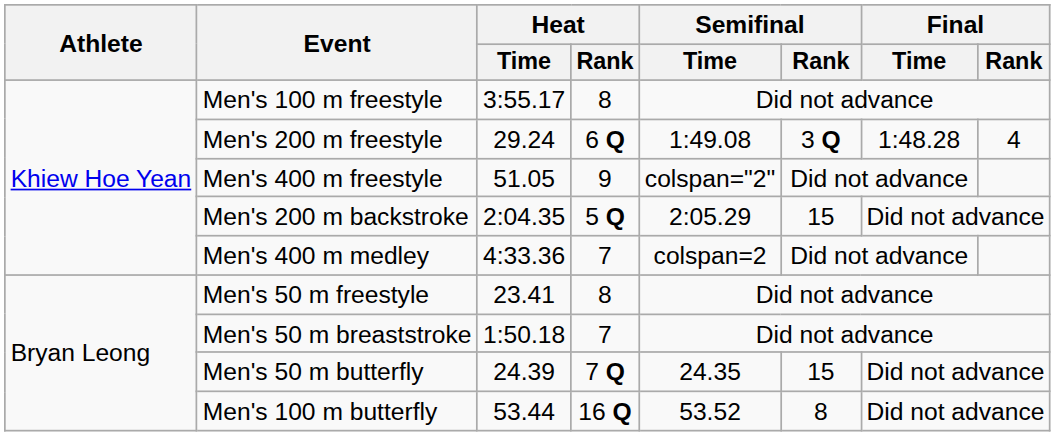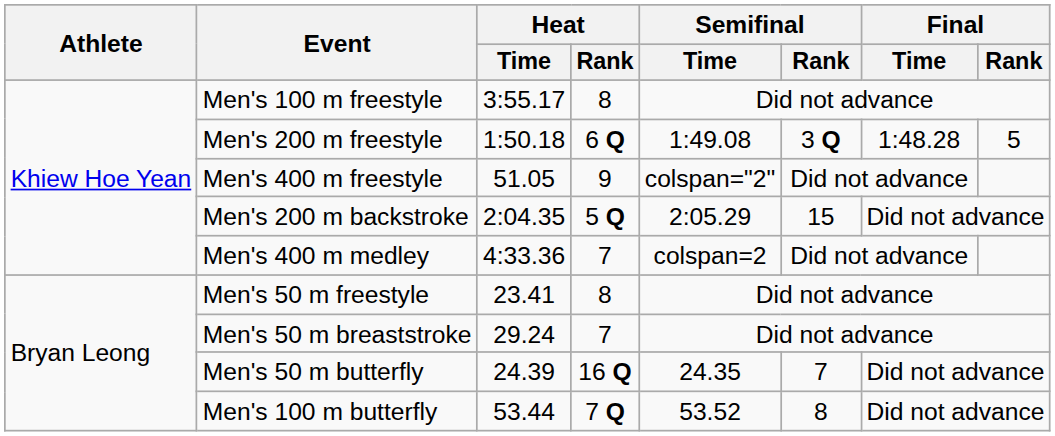 <table class=wikitable style=font-size:90%;text-align:center>
 <tr>
 <th rowspan=2>Athlete</th>
 <th rowspan=2>Event</th>
 <th colspan=2>Heat</th>
 <th colspan=2>Semifinal</th>
 <th colspan=2>Final</th>
 </tr>
 <tr style=font-size:95%>
 <th>Time</th>
 <th>Rank</th>
 <th>Time</th>
 <th>Rank</th>
 <th>Time</th>
 <th>Rank</th>
 </tr>
 <tr>
 <td align=left rowspan=5><a href='#'>Khiew Hoe Yean</a></td>
 <td align=left>Men's 100 m freestyle</td>
 <td>3:55.17</td>
 <td>8</td>
 <td colspan="4">Did not advance</td>
 </tr>
 <tr>
 <td align=left>Men's 200 m freestyle</td>
-<td>29.24</td>
+<td>1:50.18</td>
 <td>6 <strong>Q</strong></td>
 <td>1:49.08</td>
 <td>3 <strong>Q</strong></td>
 <td>1:48.28</td>
-<td>4</td>
+<td>5</td>
 </tr>
 <tr>
 <td align=left>Men's 400 m freestyle</td>
 <td>51.05</td>
 <td>9</td>
 <td>colspan="2" </td>
 <td colspan="2">Did not advance</td>
 </tr>
 <tr>
 <td align=left>Men's 200 m backstroke</td>
 <td>2:04.35</td>
 <td>5 <strong>Q</strong></td>
 <td>2:05.29</td>
 <td>15</td>
 <td colspan="2">Did not advance</td>
 </tr>
 <tr>
 <td align=left>Men's 400 m medley</td>
 <td>4:33.36</td>
 <td>7</td>
 <td>colspan=2 </td>
 <td colspan="2">Did not advance</td>
 </tr>
 <tr>
 <td align=left rowspan=4>Bryan Leong</td>
 <td align=left>Men's 50 m freestyle</td>
 <td>23.41</td>
 <td>8</td>
 <td colspan=4>Did not advance</td>
 </tr>
 <tr>
 <td align=left>Men's 50 m breaststroke</td>
-<td>1:50.18</td>
+<td>29.24</td>
 <td>7</td>
 <td colspan="4">Did not advance</td>
 </tr>
 <tr>
 <td align=left>Men's 50 m butterfly</td>
 <td>24.39</td>
-<td>7 <strong>Q</strong></td>
+<td>16 <strong>Q</strong></td>
 <td>24.35</td>
-<td>15</td>
+<td>7</td>
 <td colspan="2">Did not advance</td>
 </tr>
 <tr>
 <td align=left>Men's 100 m butterfly</td>
 <td>53.44</td>
-<td>16 <strong>Q</strong></td>
+<td>7 <strong>Q</strong></td>
 <td>53.52</td>
 <td>8</td>
 <td colspan="2">Did not advance</td>
 </tr>
 </table>
